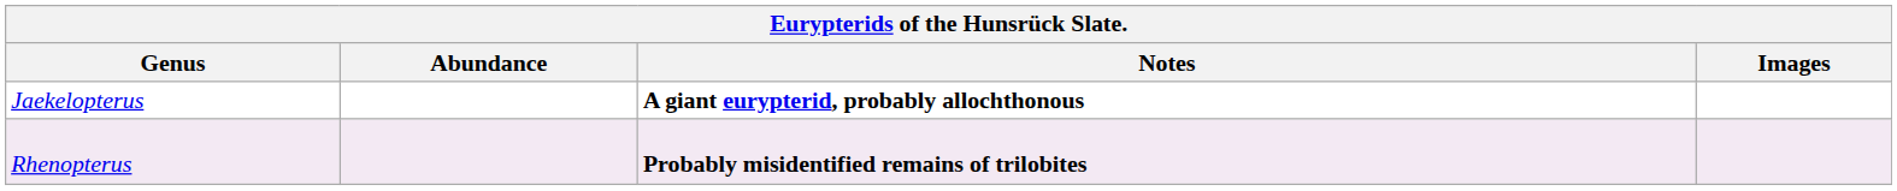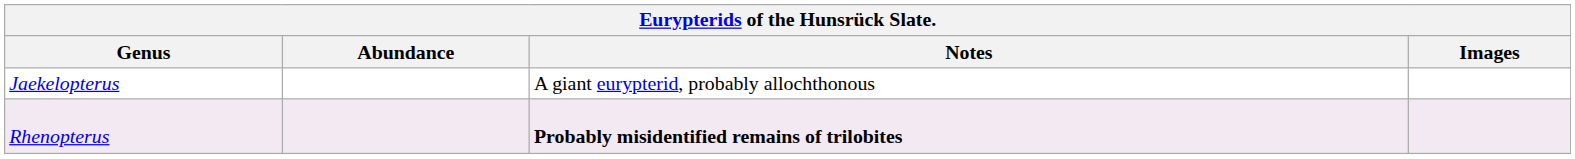 <table class="wikitable sortable" style="background:white; width:100%;">
 <tr>
 <th colspan="5" align="center"><a href='#'>Eurypterids</a> of the Hunsrück Slate.</th>
 </tr>
 <tr>
 <th>Genus</th>
 <th>Abundance</th>
 <th>Notes</th>
 <th>Images</th>
 </tr>
 <tr>
 <td><em><a href='#'>Jaekelopterus</a></em></td>
 <td></td>
-<td><strong>A giant <a href='#'>eurypterid</a>, probably allochthonous</strong></td>
+<td>A giant <a href='#'>eurypterid</a>, probably allochthonous</td>
 <td></td>
 </tr>
 <tr>
 <td style="background:#f3e9f3;"><br><em><a href='#'>Rhenopterus</a></em></td>
 <td style="background:#f3e9f3;"></td>
 <td style="background:#f3e9f3;"><strong><br>Probably misidentified remains of trilobites</strong></td>
 <td style="background:#f3e9f3;"></td>
 </tr>
 </table>
